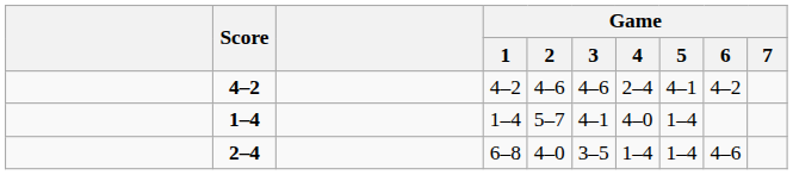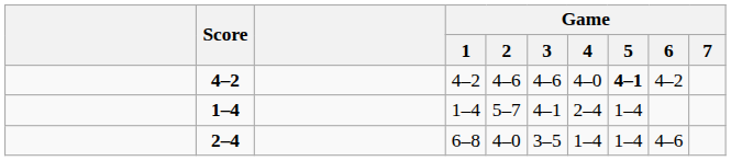 <table class="wikitable" style="text-align: center;">
 <tr>
 <th rowspan=2 align="right" width="270"></th>
 <th rowspan=2 width="45">Score</th>
 <th rowspan=2 align="left" width="270"></th>
 <th colspan=7>Game</th>
 </tr>
 <tr>
 <th width="35">1</th>
 <th width="35">2</th>
 <th width="35">3</th>
 <th width="35">4</th>
 <th width="35">5</th>
 <th width="35">6</th>
 <th width="35">7</th>
 </tr>
 <tr>
 <td align=left><strong></strong></td>
 <td align=center><strong>4–2</strong></td>
 <td align=left></td>
 <td>4–2</td>
 <td>4–6</td>
 <td>4–6</td>
-<td>2–4</td>
-<td>4–1</td>
+<td>4–0</td>
+<td><strong>4–1</strong></td>
 <td>4–2</td>
 <td></td>
 </tr>
 <tr>
 <td align=left></td>
 <td align=center><strong>1–4</strong></td>
 <td align=left><strong></strong></td>
 <td>1–4</td>
 <td>5–7</td>
 <td>4–1</td>
-<td>4–0</td>
+<td>2–4</td>
 <td>1–4</td>
 <td></td>
 <td></td>
 </tr>
 <tr>
 <td align=left></td>
 <td align=center><strong>2–4</strong></td>
 <td align=left><strong></strong></td>
 <td>6–8</td>
 <td>4–0</td>
 <td>3–5</td>
 <td>1–4</td>
 <td>1–4</td>
 <td>4–6</td>
 <td></td>
 </tr>
 </table>
